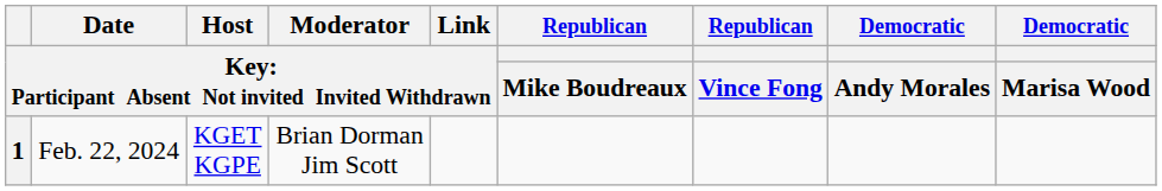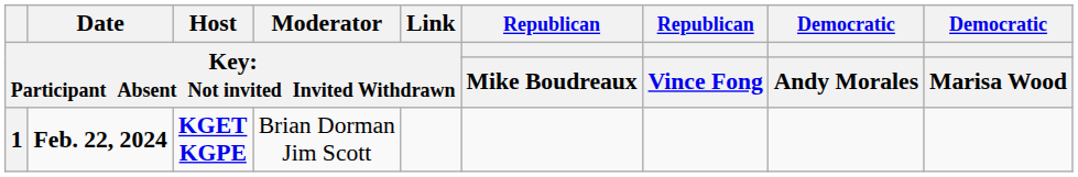 <table class="wikitable" style="text-align:center;">
 <tr>
 <th scope="col"></th>
 <th scope="col">Date</th>
 <th scope="col">Host</th>
 <th scope="col">Moderator</th>
 <th scope="col">Link</th>
 <th scope="col"><small><a href='#'>Republican</a></small></th>
 <th scope="col"><small><a href='#'>Republican</a></small></th>
 <th scope="col"><small><a href='#'>Democratic</a></small></th>
 <th scope="col"><small><a href='#'>Democratic</a></small></th>
 </tr>
 <tr>
 <th colspan="5" rowspan="2">Key:<br> <small>Participant </small>  <small>Absent </small>  <small>Not invited </small>  <small>Invited  Withdrawn</small></th>
 <th scope="col" style="background:"></th>
 <th scope="col" style="background:"></th>
 <th scope="col" style="background:"></th>
 <th scope="col" style="background:"></th>
 </tr>
 <tr>
 <th scope="col">Mike Boudreaux</th>
 <th scope="col"><a href='#'>Vince Fong</a></th>
 <th scope="col">Andy Morales</th>
 <th scope="col">Marisa Wood</th>
 </tr>
 <tr>
 <th>1</th>
-<td style="white-space:nowrap;">Feb. 22, 2024</td>
-<td style="white-space:nowrap;"><a href='#'>KGET</a><br><a href='#'>KGPE</a></td>
+<td style="white-space:nowrap;"><strong>Feb. 22, 2024</strong></td>
+<td style="white-space:nowrap;"><strong><a href='#'>KGET</a><br><a href='#'>KGPE</a></strong></td>
 <td style="white-space:nowrap;">Brian Dorman<br>Jim Scott</td>
 <td style="white-space:nowrap;"></td>
 <td></td>
 <td></td>
 <td></td>
 <td></td>
 </tr>
 </table>
